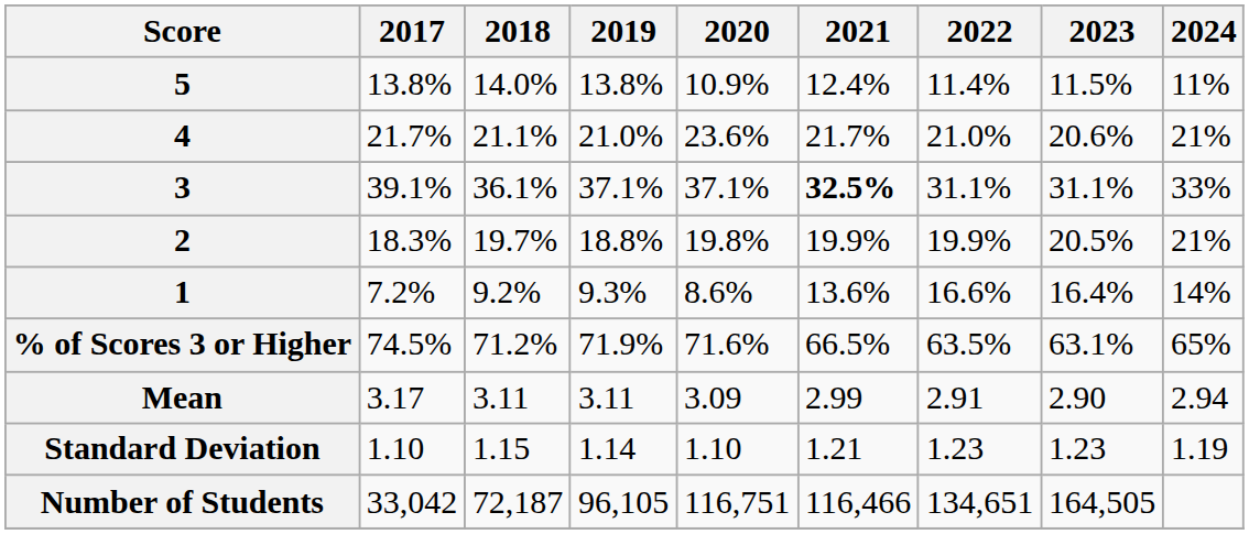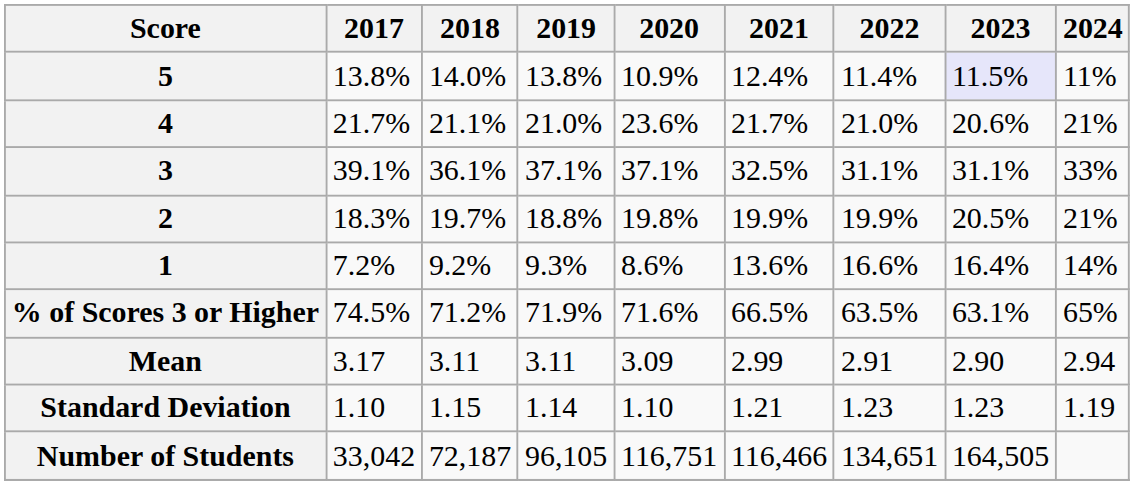 <table class="wikitable">
 <tr>
 <th>Score</th>
 <th>2017</th>
 <th>2018</th>
 <th>2019</th>
 <th>2020</th>
 <th>2021</th>
 <th>2022</th>
 <th>2023</th>
 <th>2024</th>
 </tr>
 <tr>
 <th>5</th>
 <td>13.8%</td>
 <td>14.0%</td>
 <td>13.8%</td>
 <td>10.9%</td>
 <td>12.4%</td>
 <td>11.4%</td>
-<td>11.5%</td>
+<td style="background: lavender;">11.5%</td>
 <td>11%</td>
 </tr>
 <tr>
 <th>4</th>
 <td>21.7%</td>
 <td>21.1%</td>
 <td>21.0%</td>
 <td>23.6%</td>
 <td>21.7%</td>
 <td>21.0%</td>
 <td>20.6%</td>
 <td>21%</td>
 </tr>
 <tr>
 <th>3</th>
 <td>39.1%</td>
 <td>36.1%</td>
 <td>37.1%</td>
 <td>37.1%</td>
-<td><strong>32.5%</strong></td>
+<td>32.5%</td>
 <td>31.1%</td>
 <td>31.1%</td>
 <td>33%</td>
 </tr>
 <tr>
 <th>2</th>
 <td>18.3%</td>
 <td>19.7%</td>
 <td>18.8%</td>
 <td>19.8%</td>
 <td>19.9%</td>
 <td>19.9%</td>
 <td>20.5%</td>
 <td>21%</td>
 </tr>
 <tr>
 <th>1</th>
 <td>7.2%</td>
 <td>9.2%</td>
 <td>9.3%</td>
 <td>8.6%</td>
 <td>13.6%</td>
 <td>16.6%</td>
 <td>16.4%</td>
 <td>14%</td>
 </tr>
 <tr>
 <th>% of Scores 3 or Higher</th>
 <td>74.5%</td>
 <td>71.2%</td>
 <td>71.9%</td>
 <td>71.6%</td>
 <td>66.5%</td>
 <td>63.5%</td>
 <td>63.1%</td>
 <td>65%</td>
 </tr>
 <tr>
 <th>Mean</th>
 <td>3.17</td>
 <td>3.11</td>
 <td>3.11</td>
 <td>3.09</td>
 <td>2.99</td>
 <td>2.91</td>
 <td>2.90</td>
 <td>2.94</td>
 </tr>
 <tr>
 <th>Standard Deviation</th>
 <td>1.10</td>
 <td>1.15</td>
 <td>1.14</td>
 <td>1.10</td>
 <td>1.21</td>
 <td>1.23</td>
 <td>1.23</td>
 <td>1.19</td>
 </tr>
 <tr>
 <th>Number of Students</th>
 <td>33,042</td>
 <td>72,187</td>
 <td>96,105</td>
 <td>116,751</td>
 <td>116,466</td>
 <td>134,651</td>
 <td>164,505</td>
 <td></td>
 </tr>
 <tr>
 </tr>
 </table>
